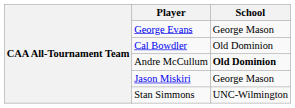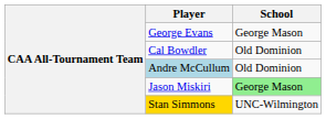 <table class="wikitable" border="1">
 <tr>
 <th rowspan=7 valign=middle>CAA All-Tournament Team</th>
 <th>Player</th>
 <th>School</th>
 </tr>
 <tr>
 <td><a href='#'>George Evans</a></td>
 <td>George Mason</td>
 </tr>
 <tr>
 <td><a href='#'>Cal Bowdler</a></td>
 <td>Old Dominion</td>
 </tr>
 <tr>
-<td>Andre McCullum</td>
-<td><strong>Old Dominion</strong></td>
+<td style="background: lightblue;">Andre McCullum</td>
+<td>Old Dominion</td>
 </tr>
 <tr>
 <td><a href='#'>Jason Miskiri</a></td>
-<td>George Mason</td>
+<td style="background: lightgreen;">George Mason</td>
 </tr>
 <tr>
-<td>Stan Simmons</td>
+<td style="background: gold;">Stan Simmons</td>
 <td>UNC-Wilmington</td>
 </tr>
 </table>
